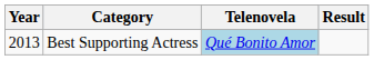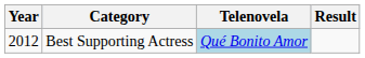 <table class="wikitable">
 <tr style="background:#b0c4de;">
 <th>Year</th>
 <th>Category</th>
 <th>Telenovela</th>
 <th>Result</th>
 </tr>
 <tr>
-<td>2013</td>
+<td>2012</td>
 <td>Best Supporting Actress</td>
 <td style="background: lightblue;"><em><a href='#'>Qué Bonito Amor</a></em></td>
 <td></td>
 </tr>
 </table>
